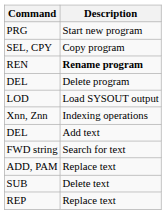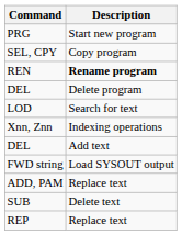 <table class="wikitable" align="right">
 <tr>
 <th>Command</th>
 <th>Description</th>
 </tr>
 <tr>
 <td>PRG</td>
 <td>Start new program</td>
 </tr>
 <tr>
 <td>SEL, CPY</td>
 <td>Copy program</td>
 </tr>
 <tr>
 <td>REN</td>
 <td><strong>Rename program</strong></td>
 </tr>
 <tr>
 <td>DEL</td>
 <td>Delete program</td>
 </tr>
 <tr>
 <td>LOD</td>
-<td>Load SYSOUT output</td>
+<td>Search for text</td>
 </tr>
 <tr>
 <td>Xnn, Znn</td>
 <td>Indexing operations</td>
 </tr>
 <tr>
 <td>DEL</td>
 <td>Add text</td>
 </tr>
 <tr>
 <td>FWD string</td>
-<td>Search for text</td>
+<td>Load SYSOUT output</td>
 </tr>
 <tr>
 <td>ADD, PAM</td>
 <td>Replace text</td>
 </tr>
 <tr>
 <td>SUB</td>
 <td>Delete text</td>
 </tr>
 <tr>
 <td>REP</td>
 <td>Replace text</td>
 </tr>
 </table>
